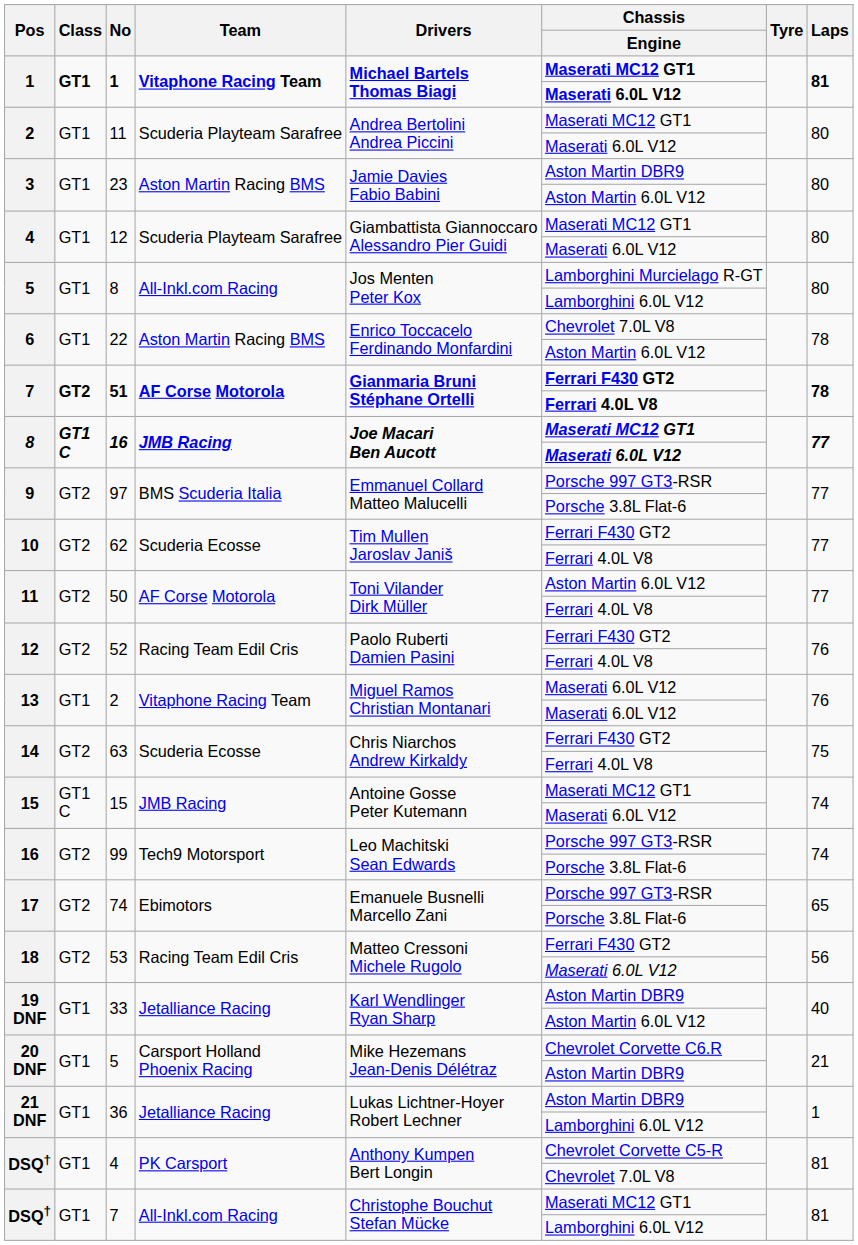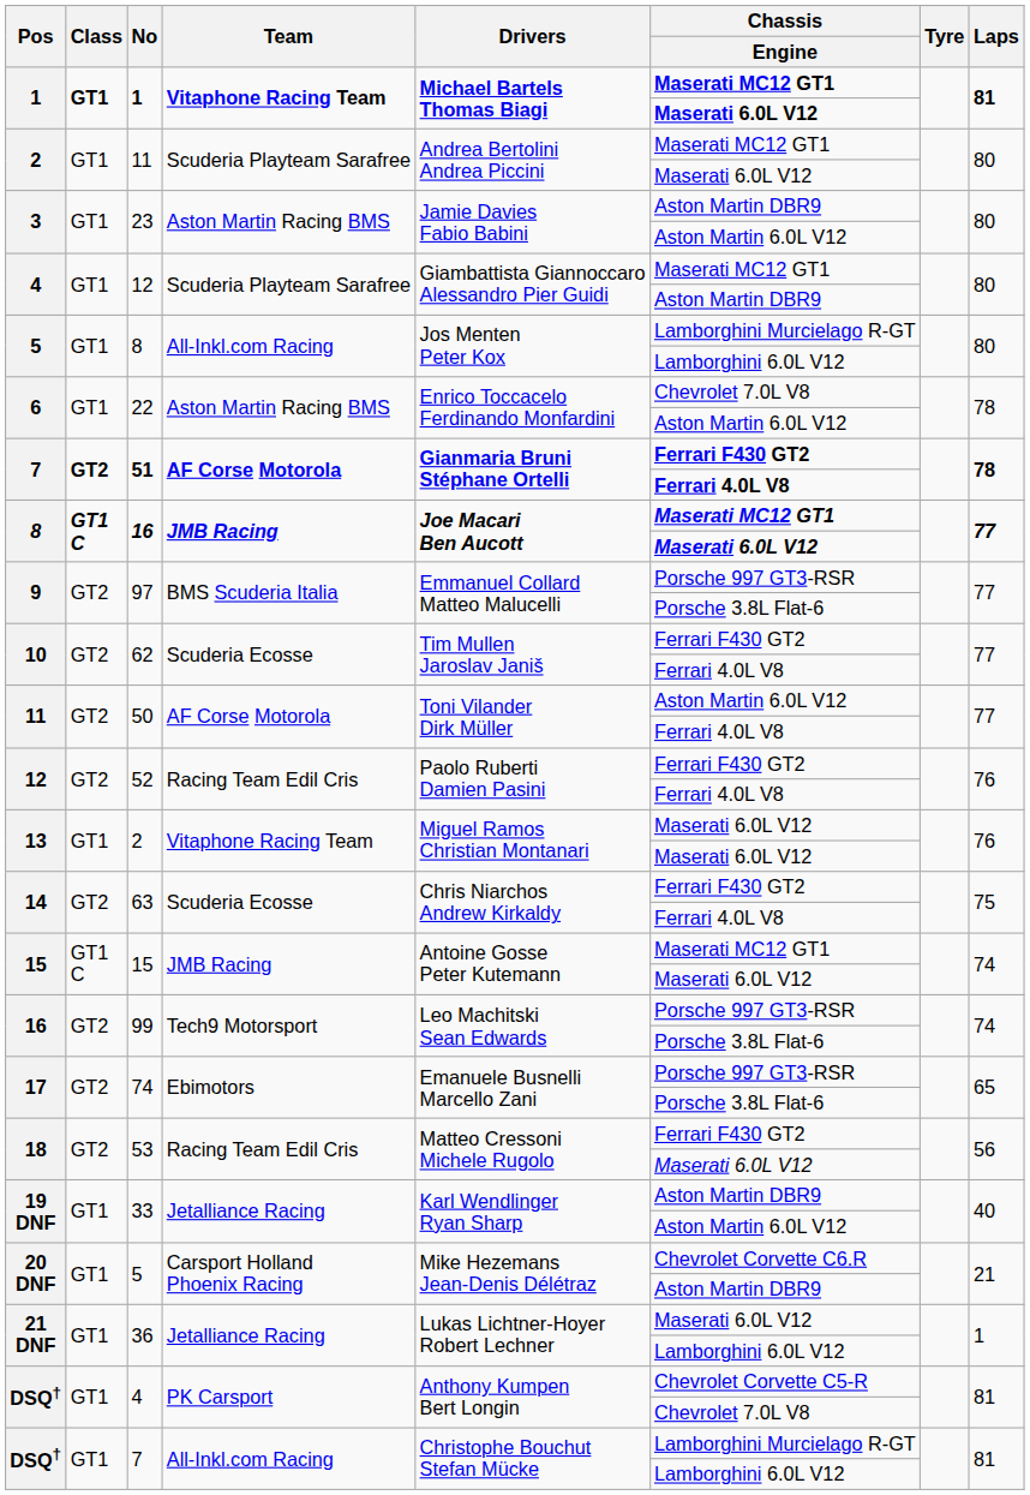 <table class="wikitable" style="font-size: 95%;">
 <tr>
 <th rowspan=2>Pos</th>
 <th rowspan=2>Class</th>
 <th rowspan=2>No</th>
 <th rowspan=2>Team</th>
 <th rowspan=2>Drivers</th>
 <th>Chassis</th>
 <th rowspan=2>Tyre</th>
 <th rowspan=2>Laps</th>
 </tr>
 <tr>
 <th>Engine</th>
 </tr>
 <tr style="font-weight:bold">
 <th rowspan=2>1</th>
 <td rowspan=2>GT1</td>
 <td rowspan=2>1</td>
 <td rowspan=2> <a href='#'>Vitaphone Racing</a> Team</td>
 <td rowspan=2> <a href='#'>Michael Bartels</a><br> <a href='#'>Thomas Biagi</a></td>
 <td><a href='#'>Maserati MC12</a> GT1</td>
 <td rowspan=2></td>
 <td rowspan=2>81</td>
 </tr>
 <tr style="font-weight:bold">
 <td><a href='#'>Maserati</a> 6.0L V12</td>
 </tr>
 <tr>
 <th rowspan=2>2</th>
 <td rowspan=2>GT1</td>
 <td rowspan=2>11</td>
 <td rowspan=2> Scuderia Playteam Sarafree</td>
 <td rowspan=2> <a href='#'>Andrea Bertolini</a><br> <a href='#'>Andrea Piccini</a></td>
 <td><a href='#'>Maserati MC12</a> GT1</td>
 <td rowspan=2></td>
 <td rowspan=2>80</td>
 </tr>
 <tr>
 <td><a href='#'>Maserati</a> 6.0L V12</td>
 </tr>
 <tr>
 <th rowspan=2>3</th>
 <td rowspan=2>GT1</td>
 <td rowspan=2>23</td>
 <td rowspan=2> <a href='#'>Aston Martin</a> Racing <a href='#'>BMS</a></td>
 <td rowspan=2> <a href='#'>Jamie Davies</a><br> <a href='#'>Fabio Babini</a></td>
 <td><a href='#'>Aston Martin DBR9</a></td>
 <td rowspan=2></td>
 <td rowspan=2>80</td>
 </tr>
 <tr>
 <td><a href='#'>Aston Martin</a> 6.0L V12</td>
 </tr>
 <tr>
 <th rowspan=2>4</th>
 <td rowspan=2>GT1</td>
 <td rowspan=2>12</td>
 <td rowspan=2> Scuderia Playteam Sarafree</td>
 <td rowspan=2> Giambattista Giannoccaro<br> <a href='#'>Alessandro Pier Guidi</a></td>
 <td><a href='#'>Maserati MC12</a> GT1</td>
 <td rowspan=2></td>
 <td rowspan=2>80</td>
 </tr>
 <tr>
-<td><a href='#'>Maserati</a> 6.0L V12</td>
+<td><a href='#'>Aston Martin DBR9</a></td>
 </tr>
 <tr>
 <th rowspan=2>5</th>
 <td rowspan=2>GT1</td>
 <td rowspan=2>8</td>
 <td rowspan=2> <a href='#'>All-Inkl.com Racing</a></td>
 <td rowspan=2> Jos Menten<br> <a href='#'>Peter Kox</a></td>
 <td><a href='#'>Lamborghini Murcielago</a> R-GT</td>
 <td rowspan=2></td>
 <td rowspan=2>80</td>
 </tr>
 <tr>
 <td><a href='#'>Lamborghini</a> 6.0L V12</td>
 </tr>
 <tr>
 <th rowspan=2>6</th>
 <td rowspan=2>GT1</td>
 <td rowspan=2>22</td>
 <td rowspan=2> <a href='#'>Aston Martin</a> Racing <a href='#'>BMS</a></td>
 <td rowspan=2> <a href='#'>Enrico Toccacelo</a><br> <a href='#'>Ferdinando Monfardini</a></td>
 <td><a href='#'>Chevrolet</a> 7.0L V8</td>
 <td rowspan=2></td>
 <td rowspan=2>78</td>
 </tr>
 <tr>
 <td><a href='#'>Aston Martin</a> 6.0L V12</td>
 </tr>
 <tr style="font-weight:bold">
 <th rowspan=2>7</th>
 <td rowspan=2>GT2</td>
 <td rowspan=2>51</td>
 <td rowspan=2> <a href='#'>AF Corse</a> <a href='#'>Motorola</a></td>
 <td rowspan=2> <a href='#'>Gianmaria Bruni</a><br> <a href='#'>Stéphane Ortelli</a></td>
 <td><a href='#'>Ferrari F430</a> GT2</td>
 <td rowspan=2></td>
 <td rowspan=2>78</td>
 </tr>
 <tr style="font-weight:bold">
 <td><a href='#'>Ferrari</a> 4.0L V8</td>
 </tr>
 <tr style="font-weight:bold">
 <th rowspan=2><em>8</em></th>
 <td rowspan=2><em>GT1<br>C</em></td>
 <td rowspan=2><em>16</em></td>
 <td rowspan=2><em> <a href='#'>JMB Racing</a></em></td>
 <td rowspan=2><em> Joe Macari<br> Ben Aucott</em></td>
 <td><em><a href='#'>Maserati MC12</a> GT1</em></td>
 <td rowspan=2></td>
 <td rowspan=2><em>77</em></td>
 </tr>
 <tr style="font-weight:bold">
 <td><em><a href='#'>Maserati</a> 6.0L V12</em></td>
 </tr>
 <tr>
 <th rowspan=2>9</th>
 <td rowspan=2>GT2</td>
 <td rowspan=2>97</td>
 <td rowspan=2> BMS <a href='#'>Scuderia Italia</a></td>
 <td rowspan=2> <a href='#'>Emmanuel Collard</a><br> Matteo Malucelli</td>
 <td><a href='#'>Porsche 997 GT3</a>-RSR</td>
 <td rowspan=2></td>
 <td rowspan=2>77</td>
 </tr>
 <tr>
 <td><a href='#'>Porsche</a> 3.8L Flat-6</td>
 </tr>
 <tr>
 <th rowspan=2>10</th>
 <td rowspan=2>GT2</td>
 <td rowspan=2>62</td>
 <td rowspan=2> Scuderia Ecosse</td>
 <td rowspan=2> <a href='#'>Tim Mullen</a><br> <a href='#'>Jaroslav Janiš</a></td>
 <td><a href='#'>Ferrari F430</a> GT2</td>
 <td rowspan=2></td>
 <td rowspan=2>77</td>
 </tr>
 <tr>
 <td><a href='#'>Ferrari</a> 4.0L V8</td>
 </tr>
 <tr>
 <th rowspan=2>11</th>
 <td rowspan=2>GT2</td>
 <td rowspan=2>50</td>
 <td rowspan=2> <a href='#'>AF Corse</a> <a href='#'>Motorola</a></td>
 <td rowspan=2> <a href='#'>Toni Vilander</a><br> <a href='#'>Dirk Müller</a></td>
 <td><a href='#'>Aston Martin</a> 6.0L V12</td>
 <td rowspan=2></td>
 <td rowspan=2>77</td>
 </tr>
 <tr>
 <td><a href='#'>Ferrari</a> 4.0L V8</td>
 </tr>
 <tr>
 <th rowspan=2>12</th>
 <td rowspan=2>GT2</td>
 <td rowspan=2>52</td>
 <td rowspan=2> Racing Team Edil Cris</td>
 <td rowspan=2> Paolo Ruberti<br> <a href='#'>Damien Pasini</a></td>
 <td><a href='#'>Ferrari F430</a> GT2</td>
 <td rowspan=2></td>
 <td rowspan=2>76</td>
 </tr>
 <tr>
 <td><a href='#'>Ferrari</a> 4.0L V8</td>
 </tr>
 <tr>
 <th rowspan=2>13</th>
 <td rowspan=2>GT1</td>
 <td rowspan=2>2</td>
 <td rowspan=2> <a href='#'>Vitaphone Racing</a> Team</td>
 <td rowspan=2> <a href='#'>Miguel Ramos</a><br> <a href='#'>Christian Montanari</a></td>
 <td><a href='#'>Maserati</a> 6.0L V12</td>
 <td rowspan=2></td>
 <td rowspan=2>76</td>
 </tr>
 <tr>
 <td><a href='#'>Maserati</a> 6.0L V12</td>
 </tr>
 <tr>
 <th rowspan=2>14</th>
 <td rowspan=2>GT2</td>
 <td rowspan=2>63</td>
 <td rowspan=2> Scuderia Ecosse</td>
 <td rowspan=2> Chris Niarchos<br> <a href='#'>Andrew Kirkaldy</a></td>
 <td><a href='#'>Ferrari F430</a> GT2</td>
 <td rowspan=2></td>
 <td rowspan=2>75</td>
 </tr>
 <tr>
 <td><a href='#'>Ferrari</a> 4.0L V8</td>
 </tr>
 <tr>
 <th rowspan=2>15</th>
 <td rowspan=2>GT1<br>C</td>
 <td rowspan=2>15</td>
 <td rowspan=2> <a href='#'>JMB Racing</a></td>
 <td rowspan=2> Antoine Gosse<br> Peter Kutemann</td>
 <td><a href='#'>Maserati MC12</a> GT1</td>
 <td rowspan=2></td>
 <td rowspan=2>74</td>
 </tr>
 <tr>
 <td><a href='#'>Maserati</a> 6.0L V12</td>
 </tr>
 <tr>
 <th rowspan=2>16</th>
 <td rowspan=2>GT2</td>
 <td rowspan=2>99</td>
 <td rowspan=2> Tech9 Motorsport</td>
 <td rowspan=2> Leo Machitski<br> <a href='#'>Sean Edwards</a></td>
 <td><a href='#'>Porsche 997 GT3</a>-RSR</td>
 <td rowspan=2></td>
 <td rowspan=2>74</td>
 </tr>
 <tr>
 <td><a href='#'>Porsche</a> 3.8L Flat-6</td>
 </tr>
 <tr>
 <th rowspan=2>17</th>
 <td rowspan=2>GT2</td>
 <td rowspan=2>74</td>
 <td rowspan=2> Ebimotors</td>
 <td rowspan=2> Emanuele Busnelli<br> Marcello Zani</td>
 <td><a href='#'>Porsche 997 GT3</a>-RSR</td>
 <td rowspan=2></td>
 <td rowspan=2>65</td>
 </tr>
 <tr>
 <td><a href='#'>Porsche</a> 3.8L Flat-6</td>
 </tr>
 <tr>
 <th rowspan=2>18</th>
 <td rowspan=2>GT2</td>
 <td rowspan=2>53</td>
 <td rowspan=2> Racing Team Edil Cris</td>
 <td rowspan=2> Matteo Cressoni<br> <a href='#'>Michele Rugolo</a></td>
 <td><a href='#'>Ferrari F430</a> GT2</td>
 <td rowspan=2></td>
 <td rowspan=2>56</td>
 </tr>
 <tr>
 <td><em><a href='#'>Maserati</a> 6.0L V12</em></td>
 </tr>
 <tr>
 <th rowspan=2>19<br>DNF</th>
 <td rowspan=2>GT1</td>
 <td rowspan=2>33</td>
 <td rowspan=2> <a href='#'>Jetalliance Racing</a></td>
 <td rowspan=2> <a href='#'>Karl Wendlinger</a><br> <a href='#'>Ryan Sharp</a></td>
 <td><a href='#'>Aston Martin DBR9</a></td>
 <td rowspan=2></td>
 <td rowspan=2>40</td>
 </tr>
 <tr>
 <td><a href='#'>Aston Martin</a> 6.0L V12</td>
 </tr>
 <tr>
 <th rowspan=2>20<br>DNF</th>
 <td rowspan=2>GT1</td>
 <td rowspan=2>5</td>
 <td rowspan=2> Carsport Holland<br> <a href='#'>Phoenix Racing</a></td>
 <td rowspan=2> Mike Hezemans<br> <a href='#'>Jean-Denis Délétraz</a></td>
 <td><a href='#'>Chevrolet Corvette C6.R</a></td>
 <td rowspan=2></td>
 <td rowspan=2>21</td>
 </tr>
 <tr>
 <td><a href='#'>Aston Martin DBR9</a></td>
 </tr>
 <tr>
 <th rowspan=2>21<br>DNF</th>
 <td rowspan=2>GT1</td>
 <td rowspan=2>36</td>
 <td rowspan=2> <a href='#'>Jetalliance Racing</a></td>
 <td rowspan=2> Lukas Lichtner-Hoyer<br> Robert Lechner</td>
-<td><a href='#'>Aston Martin DBR9</a></td>
+<td><a href='#'>Maserati</a> 6.0L V12</td>
 <td rowspan=2></td>
 <td rowspan=2>1</td>
 </tr>
 <tr>
 <td><a href='#'>Lamborghini</a> 6.0L V12</td>
 </tr>
 <tr>
 <th rowspan=2>DSQ<sup>†</sup></th>
 <td rowspan=2>GT1</td>
 <td rowspan=2>4</td>
 <td rowspan=2> <a href='#'>PK Carsport</a></td>
 <td rowspan=2> <a href='#'>Anthony Kumpen</a><br> Bert Longin</td>
 <td><a href='#'>Chevrolet Corvette C5-R</a></td>
 <td rowspan=2></td>
 <td rowspan=2>81</td>
 </tr>
 <tr>
 <td><a href='#'>Chevrolet</a> 7.0L V8</td>
 </tr>
 <tr>
 <th rowspan=2>DSQ<sup>†</sup></th>
 <td rowspan=2>GT1</td>
 <td rowspan=2>7</td>
 <td rowspan=2> <a href='#'>All-Inkl.com Racing</a></td>
 <td rowspan=2> <a href='#'>Christophe Bouchut</a><br> <a href='#'>Stefan Mücke</a></td>
-<td><a href='#'>Maserati MC12</a> GT1</td>
+<td><a href='#'>Lamborghini Murcielago</a> R-GT</td>
 <td rowspan=2></td>
 <td rowspan=2>81</td>
 </tr>
 <tr>
 <td><a href='#'>Lamborghini</a> 6.0L V12</td>
 </tr>
 </table>
